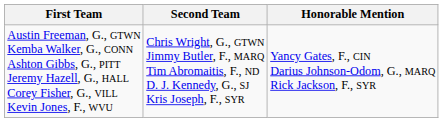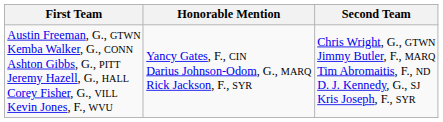 <table class="wikitable" style="white-space:nowrap; font-size:90%;">
 <tr>
 <th>First Team</th>
+<th>Honorable Mention</th>
 <th>Second Team</th>
-<th>Honorable Mention</th>
 </tr>
 <tr>
 <td><a href='#'>Austin Freeman</a>, G., <small>GTWN</small><br><a href='#'>Kemba Walker</a>, G., <small>CONN</small><br><a href='#'>Ashton Gibbs</a>, G., <small>PITT</small><br><a href='#'>Jeremy Hazell</a>, G., <small>HALL</small><br><a href='#'>Corey Fisher</a>, G., <small>VILL</small><br><a href='#'>Kevin Jones</a>, F., <small>WVU</small></td>
+<td><a href='#'>Yancy Gates</a>, F., <small>CIN</small><br><a href='#'>Darius Johnson-Odom</a>, G., <small>MARQ</small><br><a href='#'>Rick Jackson</a>, F., <small>SYR</small></td>
 <td><a href='#'>Chris Wright</a>, G., <small>GTWN</small><br><a href='#'>Jimmy Butler</a>, F., <small>MARQ</small><br><a href='#'>Tim Abromaitis</a>, F., <small>ND</small><br><a href='#'>D. J. Kennedy</a>, G., <small>SJ</small><br><a href='#'>Kris Joseph</a>, F., <small>SYR</small></td>
-<td><a href='#'>Yancy Gates</a>, F., <small>CIN</small><br><a href='#'>Darius Johnson-Odom</a>, G., <small>MARQ</small><br><a href='#'>Rick Jackson</a>, F., <small>SYR</small></td>
 </tr>
 </table>
